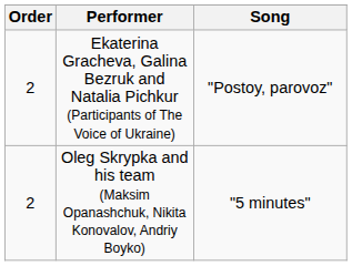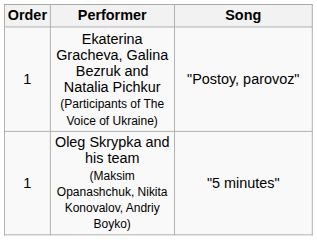 <table class="wikitable" style="text-align:center; width:55%;">
 <tr>
 </tr>
 <tr>
 <th style="width:01%;">Order</th>
 <th style="width:45%;">Performer</th>
 <th style="width:55%;">Song</th>
 </tr>
 <tr>
-<td>2</td>
+<td>1</td>
 <td>Ekaterina Gracheva, Galina Bezruk and Natalia Pichkur <br><small>(Participants of The Voice of Ukraine)</small></td>
 <td>"Postoy, parovoz"</td>
 </tr>
 <tr>
-<td>2</td>
+<td>1</td>
 <td>Oleg Skrypka and his team <br><small>(Maksim Opanashchuk, Nikita Konovalov, Andriy Boyko)</small></td>
 <td>"5 minutes"</td>
 </tr>
 </table>
